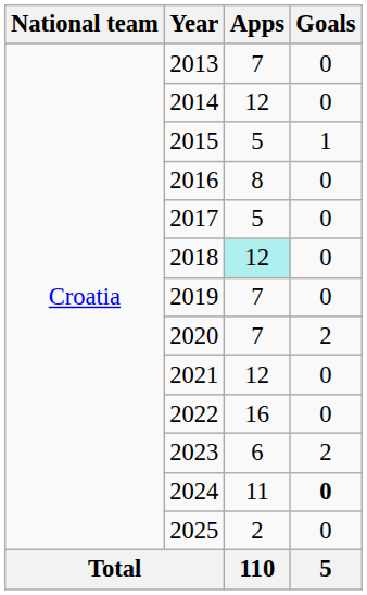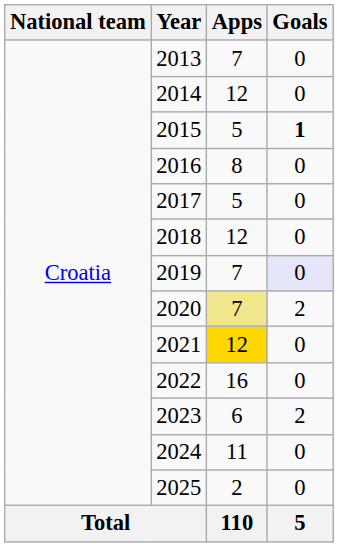 <table class="wikitable" style="text-align: center;">
 <tr>
 <th>National team</th>
 <th>Year</th>
 <th>Apps</th>
 <th>Goals</th>
 </tr>
 <tr>
 <td rowspan="13"><a href='#'>Croatia</a></td>
 <td>2013</td>
 <td>7</td>
 <td>0</td>
 </tr>
 <tr>
 <td>2014</td>
 <td>12</td>
 <td>0</td>
 </tr>
 <tr>
 <td>2015</td>
 <td>5</td>
-<td>1</td>
+<td><strong>1</strong></td>
 </tr>
 <tr>
 <td>2016</td>
 <td>8</td>
 <td>0</td>
 </tr>
 <tr>
 <td>2017</td>
 <td>5</td>
 <td>0</td>
 </tr>
 <tr>
 <td>2018</td>
-<td style="background: paleturquoise;">12</td>
+<td>12</td>
 <td>0</td>
 </tr>
 <tr>
 <td>2019</td>
 <td>7</td>
-<td>0</td>
+<td style="background: lavender;">0</td>
 </tr>
 <tr>
 <td>2020</td>
-<td>7</td>
+<td style="background: khaki;">7</td>
 <td>2</td>
 </tr>
 <tr>
 <td>2021</td>
-<td>12</td>
+<td style="background: gold;">12</td>
 <td>0</td>
 </tr>
 <tr>
 <td>2022</td>
 <td>16</td>
 <td>0</td>
 </tr>
 <tr>
 <td>2023</td>
 <td>6</td>
 <td>2</td>
 </tr>
 <tr>
 <td>2024</td>
 <td>11</td>
-<td><strong>0</strong></td>
+<td>0</td>
 </tr>
 <tr>
 <td>2025</td>
 <td>2</td>
 <td>0</td>
 </tr>
 <tr>
 <th colspan="2">Total</th>
 <th>110</th>
 <th>5</th>
 </tr>
 </table>
